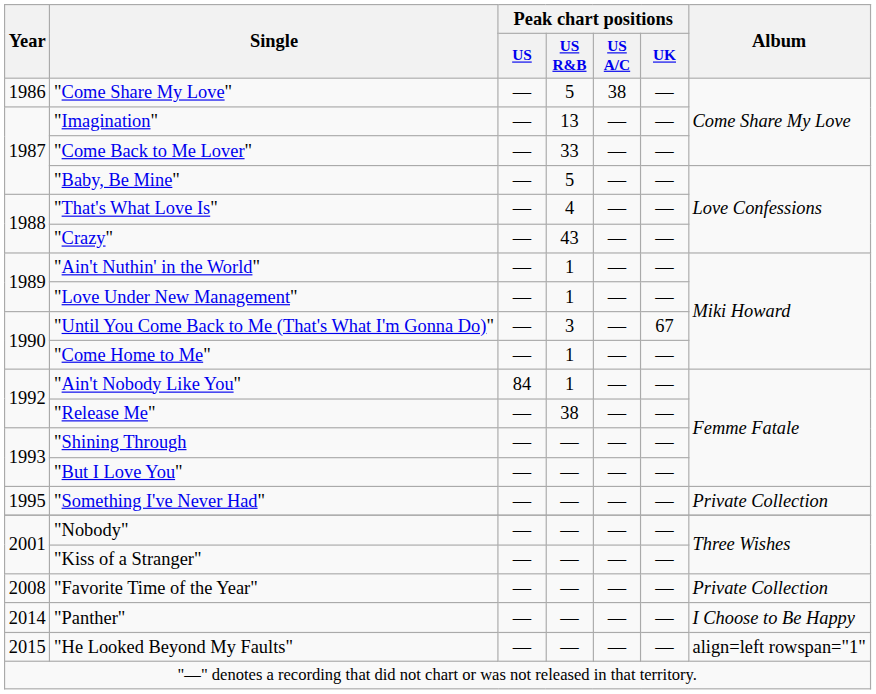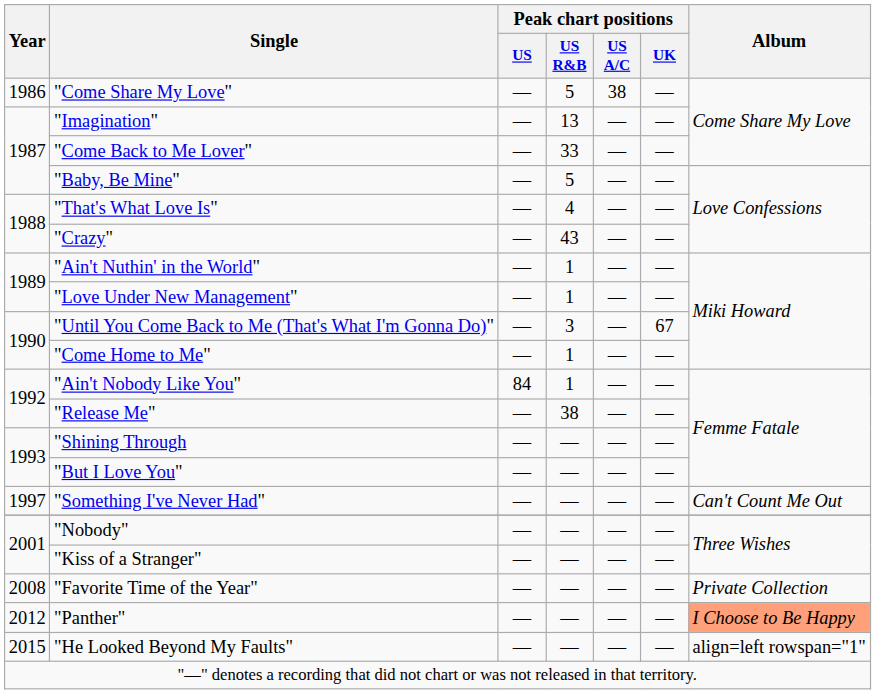 <table class="wikitable" style="text-align:center;">
 <tr>
 <th rowspan="2">Year</th>
 <th rowspan="2">Single</th>
 <th colspan="4">Peak chart positions</th>
 <th rowspan="2">Album</th>
 </tr>
 <tr style="font-size:smaller;">
 <th width="35"><a href='#'>US</a><br></th>
 <th width="35"><a href='#'>US<br>R&B</a><br></th>
 <th width="35"><a href='#'>US<br>A/C</a><br></th>
 <th width="35"><a href='#'>UK</a><br></th>
 </tr>
 <tr>
 <td rowspan="1">1986</td>
 <td align="left">"<a href='#'>Come Share My Love</a>"</td>
 <td>—</td>
 <td>5</td>
 <td>38</td>
 <td>—</td>
 <td align="left" rowspan="3"><em>Come Share My Love</em></td>
 </tr>
 <tr>
 <td rowspan="3">1987</td>
 <td align="left">"<a href='#'>Imagination</a>"</td>
 <td>—</td>
 <td>13</td>
 <td>—</td>
 <td>—</td>
 </tr>
 <tr>
 <td align="left">"<a href='#'>Come Back to Me Lover</a>"</td>
 <td>—</td>
 <td>33</td>
 <td>—</td>
 <td>—</td>
 </tr>
 <tr>
 <td align="left">"<a href='#'>Baby, Be Mine</a>"</td>
 <td>—</td>
 <td>5</td>
 <td>—</td>
 <td>—</td>
 <td align="left" rowspan="3"><em>Love Confessions</em></td>
 </tr>
 <tr>
 <td rowspan="2">1988</td>
 <td align="left">"<a href='#'>That's What Love Is</a>" </td>
 <td>—</td>
 <td>4</td>
 <td>—</td>
 <td>—</td>
 </tr>
 <tr>
 <td align="left">"<a href='#'>Crazy</a>"</td>
 <td>—</td>
 <td>43</td>
 <td>—</td>
 <td>—</td>
 </tr>
 <tr>
 <td rowspan="2">1989</td>
 <td align="left">"<a href='#'>Ain't Nuthin' in the World</a>"</td>
 <td>—</td>
 <td>1</td>
 <td>—</td>
 <td>—</td>
 <td align="left" rowspan="4"><em>Miki Howard</em></td>
 </tr>
 <tr>
 <td align="left">"<a href='#'>Love Under New Management</a>"</td>
 <td>—</td>
 <td>1</td>
 <td>—</td>
 <td>—</td>
 </tr>
 <tr>
 <td rowspan="2">1990</td>
 <td align="left">"<a href='#'>Until You Come Back to Me (That's What I'm Gonna Do)</a>"</td>
 <td>—</td>
 <td>3</td>
 <td>—</td>
 <td>67</td>
 </tr>
 <tr>
 <td align="left">"<a href='#'>Come Home to Me</a>"</td>
 <td>—</td>
 <td>1</td>
 <td>—</td>
 <td>—</td>
 </tr>
 <tr>
 <td rowspan="2">1992</td>
 <td align="left">"<a href='#'>Ain't Nobody Like You</a>"</td>
 <td>84</td>
 <td>1</td>
 <td>—</td>
 <td>—</td>
 <td align="left" rowspan="4"><em>Femme Fatale</em></td>
 </tr>
 <tr>
 <td align="left">"<a href='#'>Release Me</a>"</td>
 <td>—</td>
 <td>38</td>
 <td>—</td>
 <td>—</td>
 </tr>
 <tr>
 <td rowspan="2">1993</td>
 <td align="left">"<a href='#'>Shining Through</a></td>
 <td>—</td>
 <td>—</td>
 <td>—</td>
 <td>—</td>
 </tr>
 <tr>
 <td align="left">"<a href='#'>But I Love You</a>"</td>
 <td>—</td>
 <td>—</td>
 <td>—</td>
 <td>—</td>
 </tr>
 <tr>
-<td rowspan="1">1995</td>
+<td rowspan="1">1997</td>
 <td align="left">"<a href='#'>Something I've Never Had</a>"</td>
 <td>—</td>
 <td>—</td>
 <td>—</td>
 <td>—</td>
-<td align="left" rowspan="1"><em>Private Collection</em></td>
+<td align="left" rowspan="1"><em>Can't Count Me Out</em></td>
 </tr>
 <tr>
 </tr>
 <tr>
 <td rowspan="2">2001</td>
 <td align="left">"Nobody"</td>
 <td>—</td>
 <td>—</td>
 <td>—</td>
 <td>—</td>
 <td align="left" rowspan="2"><em>Three Wishes</em></td>
 </tr>
 <tr>
 <td align="left">"Kiss of a Stranger"</td>
 <td>—</td>
 <td>—</td>
 <td>—</td>
 <td>—</td>
 </tr>
 <tr>
 <td rowspan="1">2008</td>
 <td align="left">"Favorite Time of the Year"</td>
 <td>—</td>
 <td>—</td>
 <td>—</td>
 <td>—</td>
 <td align="left" rowspan="1"><em>Private Collection</em></td>
 </tr>
 <tr>
-<td rowspan="1">2014</td>
+<td rowspan="1">2012</td>
 <td align="left">"Panther" </td>
 <td>—</td>
 <td>—</td>
 <td>—</td>
 <td>—</td>
-<td align="left" rowspan="1"><em>I Choose to Be Happy</em></td>
+<td align="left" rowspan="1" style="background: lightsalmon;"><em>I Choose to Be Happy</em></td>
 </tr>
 <tr>
 <td rowspan="1">2015</td>
 <td align="left">"He Looked Beyond My Faults"</td>
 <td>—</td>
 <td>—</td>
 <td>—</td>
 <td>—</td>
 <td>align=left rowspan="1" </td>
 </tr>
 <tr>
 <td colspan="18" style="font-size:90%">"—" denotes a recording that did not chart or was not released in that territory.</td>
 </tr>
 </table>
